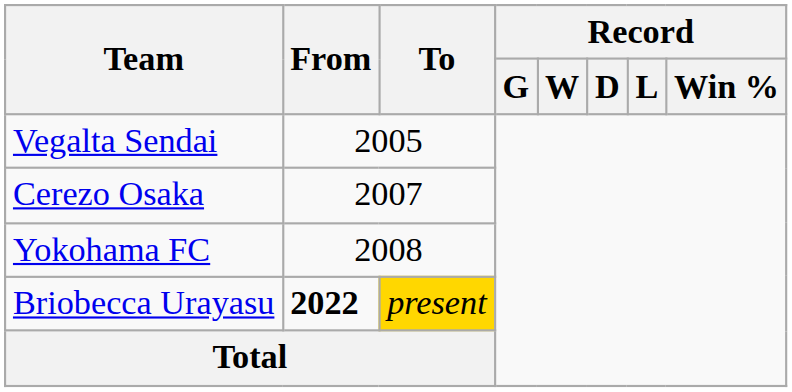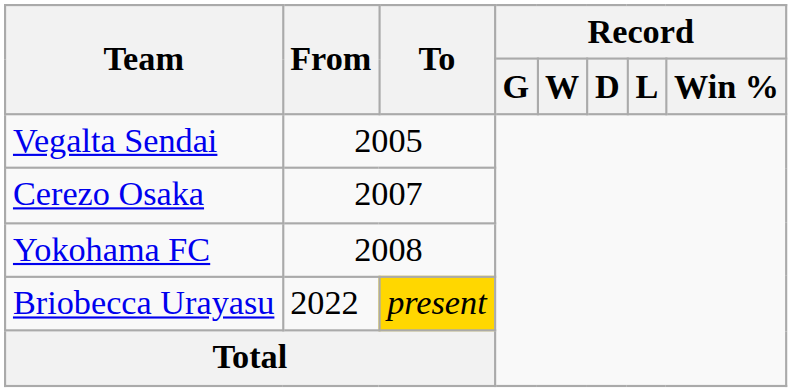 <table class="wikitable" style="text-align: center">
 <tr>
 <th rowspan="2">Team</th>
 <th rowspan="2">From</th>
 <th rowspan="2">To</th>
 <th colspan="5">Record</th>
 </tr>
 <tr>
 <th>G</th>
 <th>W</th>
 <th>D</th>
 <th>L</th>
 <th>Win %</th>
 </tr>
 <tr>
 <td align="left"><a href='#'>Vegalta Sendai</a></td>
 <td colspan="2" align="center">2005<br></td>
 </tr>
 <tr>
 <td align="left"><a href='#'>Cerezo Osaka</a></td>
 <td colspan="2" align="center">2007<br></td>
 </tr>
 <tr>
 <td align="left"><a href='#'>Yokohama FC</a></td>
 <td colspan="2" align="center">2008<br></td>
 </tr>
 <tr>
 <td align="left"><a href='#'>Briobecca Urayasu</a></td>
-<td align="left"><strong>2022</strong></td>
+<td align="left">2022</td>
 <td align="left" style="background: gold;"><em>present</em><br></td>
 </tr>
 <tr>
 <th colspan="3">Total<br></th>
 </tr>
 </table>
